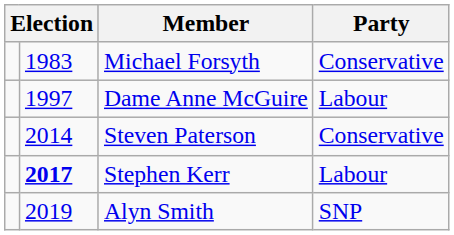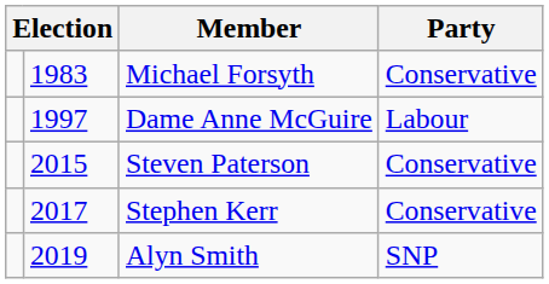 <table class="wikitable">
 <tr>
 <th colspan=2>Election</th>
 <th>Member</th>
 <th>Party</th>
 </tr>
 <tr>
 <td style="color:inherit;background-color: "></td>
 <td><a href='#'>1983</a></td>
 <td><a href='#'>Michael Forsyth</a></td>
 <td><a href='#'>Conservative</a></td>
 </tr>
 <tr>
 <td style="color:inherit;background-color: "></td>
 <td><a href='#'>1997</a></td>
 <td><a href='#'>Dame Anne McGuire</a></td>
 <td><a href='#'>Labour</a></td>
 </tr>
 <tr>
 <td style="color:inherit;background-color: "></td>
-<td><a href='#'>2014</a></td>
+<td><a href='#'>2015</a></td>
 <td><a href='#'>Steven Paterson</a></td>
 <td><a href='#'>Conservative</a></td>
 </tr>
 <tr>
 <td style="color:inherit;background-color: "></td>
-<td><strong><a href='#'>2017</a></strong></td>
+<td><a href='#'>2017</a></td>
 <td><a href='#'>Stephen Kerr</a></td>
-<td><a href='#'>Labour</a></td>
+<td><a href='#'>Conservative</a></td>
 </tr>
 <tr>
 <td style="color:inherit;background-color: "></td>
 <td><a href='#'>2019</a></td>
 <td><a href='#'>Alyn Smith</a></td>
 <td><a href='#'>SNP</a></td>
 </tr>
 </table>
